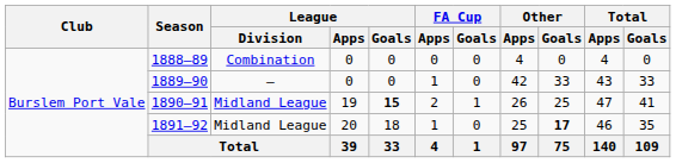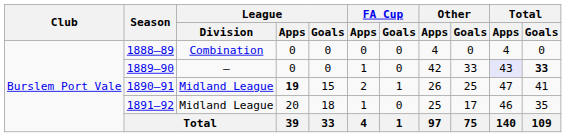 <table class="wikitable" style="text-align:center">
 <tr>
 <th rowspan="2">Club</th>
 <th rowspan="2">Season</th>
 <th colspan="3">League</th>
 <th colspan="2"><a href='#'>FA Cup</a></th>
 <th colspan="2">Other</th>
 <th colspan="2">Total</th>
 </tr>
 <tr>
 <th>Division</th>
 <th>Apps</th>
 <th>Goals</th>
 <th>Apps</th>
 <th>Goals</th>
 <th>Apps</th>
 <th>Goals</th>
 <th>Apps</th>
 <th>Goals</th>
 </tr>
 <tr>
 <td rowspan="5"><a href='#'>Burslem Port Vale</a></td>
 <td><a href='#'>1888–89</a></td>
 <td><a href='#'>Combination</a></td>
 <td>0</td>
 <td>0</td>
 <td>0</td>
 <td>0</td>
 <td>4</td>
 <td>0</td>
 <td>4</td>
 <td>0</td>
 </tr>
 <tr>
 <td><a href='#'>1889–90</a></td>
 <td>–</td>
 <td>0</td>
 <td>0</td>
 <td>1</td>
 <td>0</td>
 <td>42</td>
 <td>33</td>
-<td>43</td>
-<td>33</td>
+<td style="background: lavender;">43</td>
+<td><strong>33</strong></td>
 </tr>
 <tr>
 <td><a href='#'>1890–91</a></td>
 <td><a href='#'>Midland League</a></td>
-<td>19</td>
-<td><strong>15</strong></td>
+<td><strong>19</strong></td>
+<td>15</td>
 <td>2</td>
 <td>1</td>
 <td>26</td>
 <td>25</td>
 <td>47</td>
 <td>41</td>
 </tr>
 <tr>
 <td><a href='#'>1891–92</a></td>
 <td>Midland League</td>
 <td>20</td>
 <td>18</td>
 <td>1</td>
 <td>0</td>
 <td>25</td>
-<td><strong>17</strong></td>
+<td>17</td>
 <td>46</td>
 <td>35</td>
 </tr>
 <tr>
 <th colspan="2">Total</th>
 <th>39</th>
 <th>33</th>
 <th>4</th>
 <th>1</th>
 <th>97</th>
 <th>75</th>
 <th>140</th>
 <th>109</th>
 </tr>
 </table>
